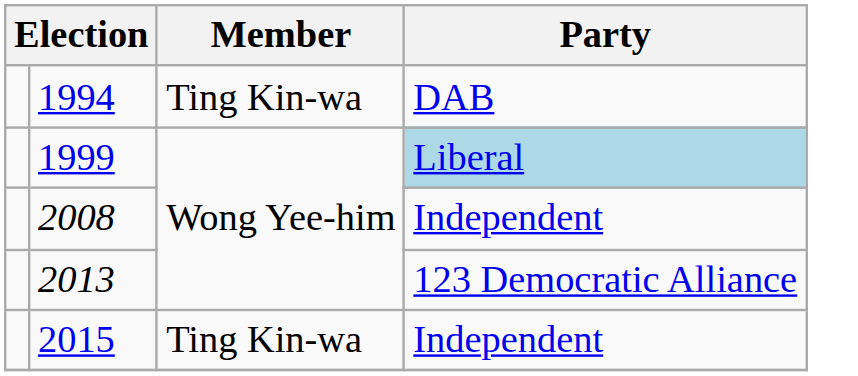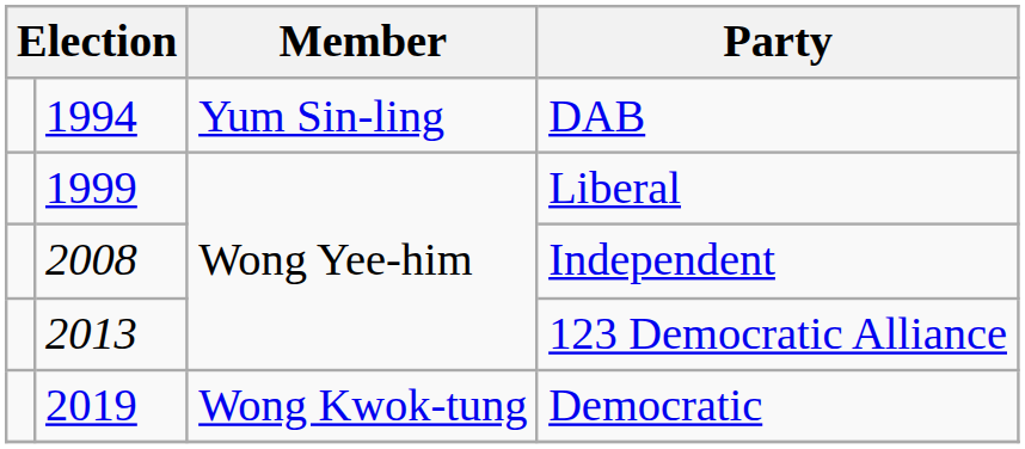 <table class="wikitable">
 <tr>
 <th colspan="2">Election</th>
 <th>Member</th>
 <th>Party</th>
 </tr>
 <tr>
 <td style="background-color: "></td>
 <td><a href='#'>1994</a></td>
-<td>Ting Kin-wa</td>
+<td><a href='#'>Yum Sin-ling</a></td>
 <td><a href='#'>DAB</a></td>
 </tr>
 <tr>
 <td style="background-color: "></td>
 <td><a href='#'>1999</a></td>
 <td rowspan=3>Wong Yee-him</td>
-<td style="background: lightblue;"><a href='#'>Liberal</a></td>
+<td><a href='#'>Liberal</a></td>
 </tr>
 <tr>
 <td style="background-color: "></td>
 <td><em>2008</em></td>
 <td><a href='#'>Independent</a></td>
 </tr>
 <tr>
 <td style="background-color: "></td>
 <td><em>2013</em></td>
 <td><a href='#'>123 Democratic Alliance</a></td>
 </tr>
 <tr>
 <td style="background-color: "></td>
-<td><a href='#'>2015</a></td>
-<td>Ting Kin-wa</td>
-<td><a href='#'>Independent</a></td>
+<td><a href='#'>2019</a></td>
+<td><a href='#'>Wong Kwok-tung</a></td>
+<td><a href='#'>Democratic</a></td>
 </tr>
 <tr>
 </tr>
 </table>
